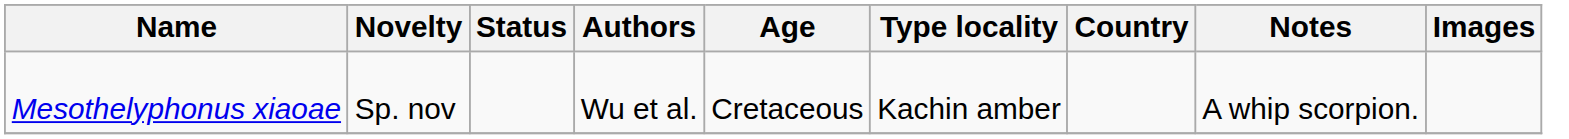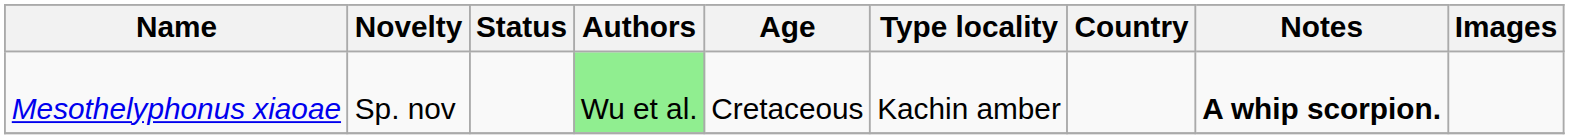 <table class="wikitable sortable" align="center">
 <tr>
 <th>Name</th>
 <th>Novelty</th>
 <th>Status</th>
 <th>Authors</th>
 <th>Age</th>
 <th>Type locality</th>
 <th>Country</th>
 <th>Notes</th>
 <th>Images</th>
 </tr>
 <tr>
 <td><br><em><a href='#'>Mesothelyphonus xiaoae</a></em></td>
 <td><br>Sp. nov</td>
 <td></td>
-<td><br>Wu et al.</td>
+<td style="background: lightgreen;"><br>Wu et al.</td>
 <td><br>Cretaceous</td>
 <td><br>Kachin amber</td>
 <td><br></td>
-<td><br>A whip scorpion.</td>
+<td><strong><br>A whip scorpion.</strong></td>
 <td></td>
 </tr>
 <tr>
 </tr>
 </table>
